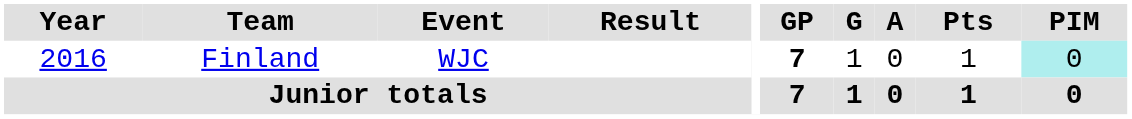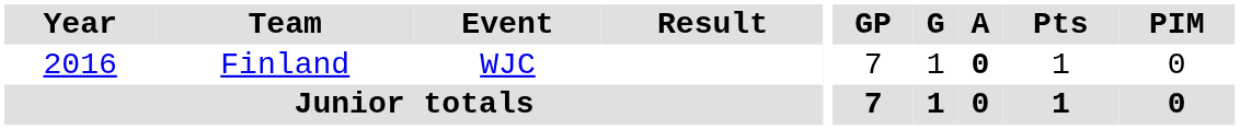 <table border="0" cellpadding="1" cellspacing="0" ID="Table3" style="text-align:center; width:40em">
 <tr ALIGN="center" bgcolor="#e0e0e0">
 <th>Year</th>
 <th>Team</th>
 <th>Event</th>
 <th>Result</th>
 <th rowspan="99" bgcolor="#ffffff"></th>
 <th>GP</th>
 <th>G</th>
 <th>A</th>
 <th>Pts</th>
 <th>PIM</th>
 </tr>
 <tr>
 <td><a href='#'>2016</a></td>
 <td><a href='#'>Finland</a></td>
 <td><a href='#'>WJC</a></td>
 <td></td>
-<td><strong>7</strong></td>
+<td>7</td>
+<td>1</td>
+<td><strong>0</strong></td>
 <td>1</td>
 <td>0</td>
-<td>1</td>
-<td style="background: paleturquoise;">0</td>
 </tr>
 <tr bgcolor="#e0e0e0">
 <th colspan="4">Junior totals</th>
 <th>7</th>
 <th>1</th>
 <th>0</th>
 <th>1</th>
 <th>0</th>
 </tr>
 </table>
